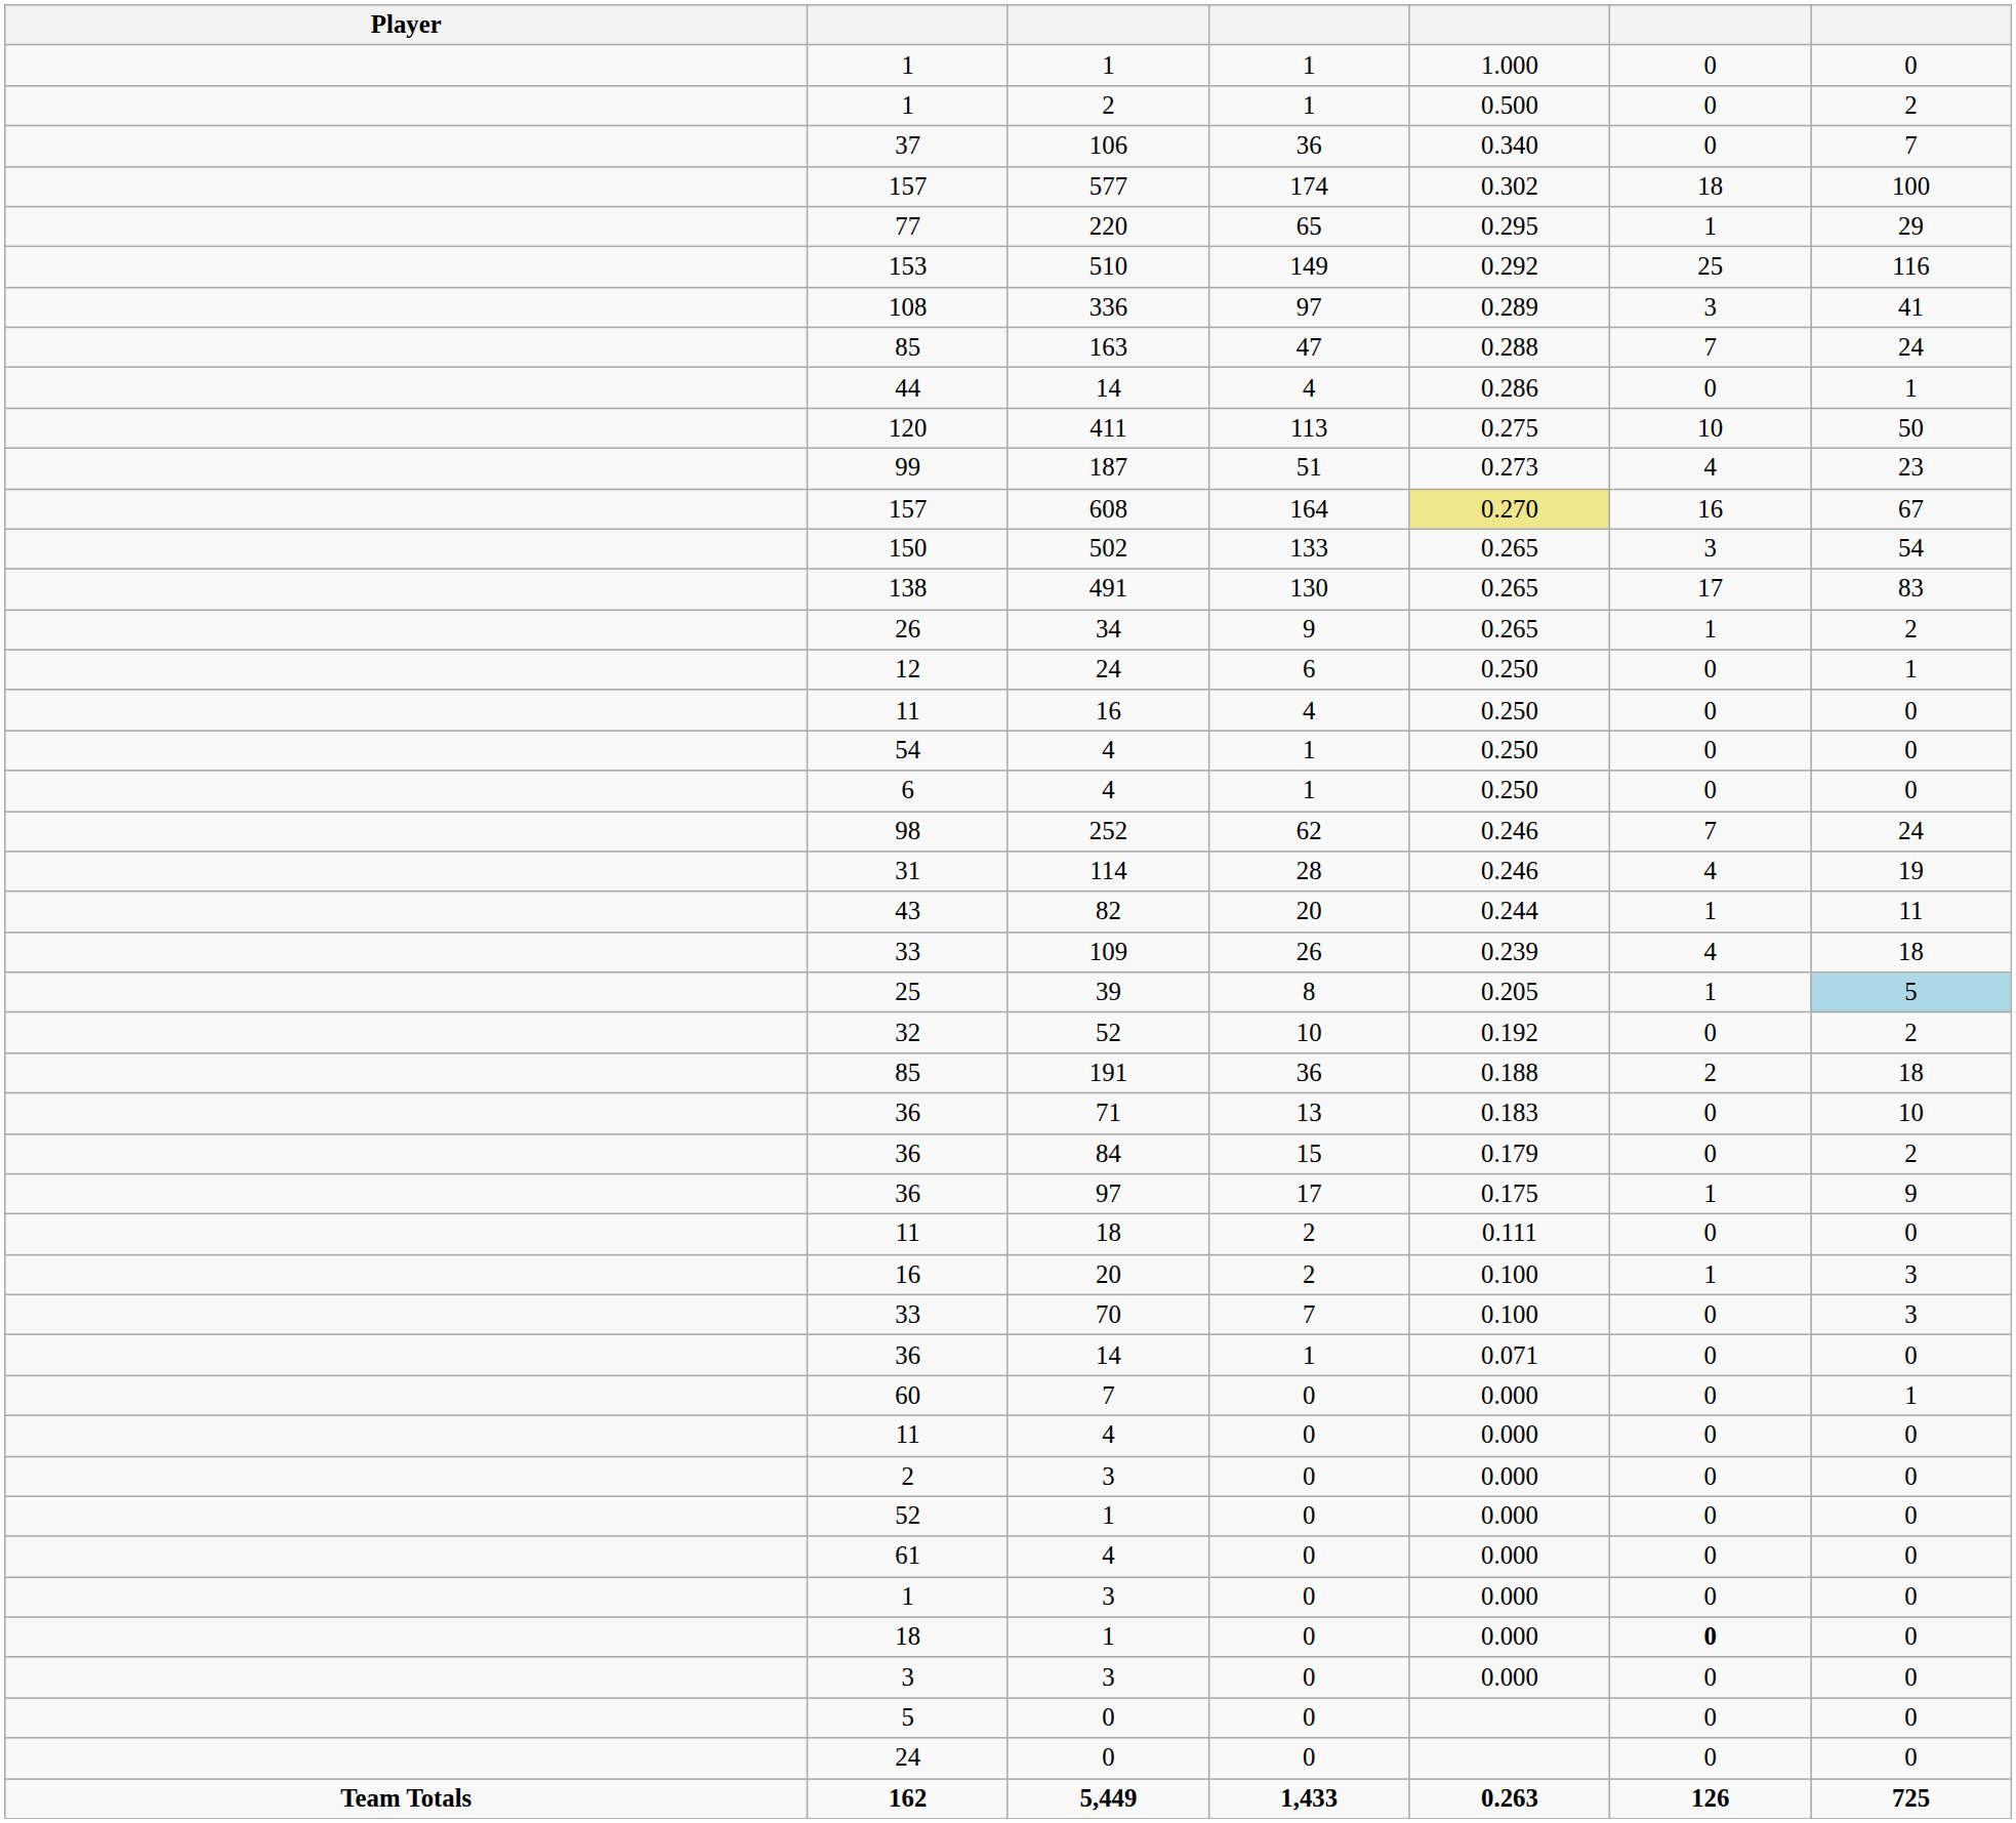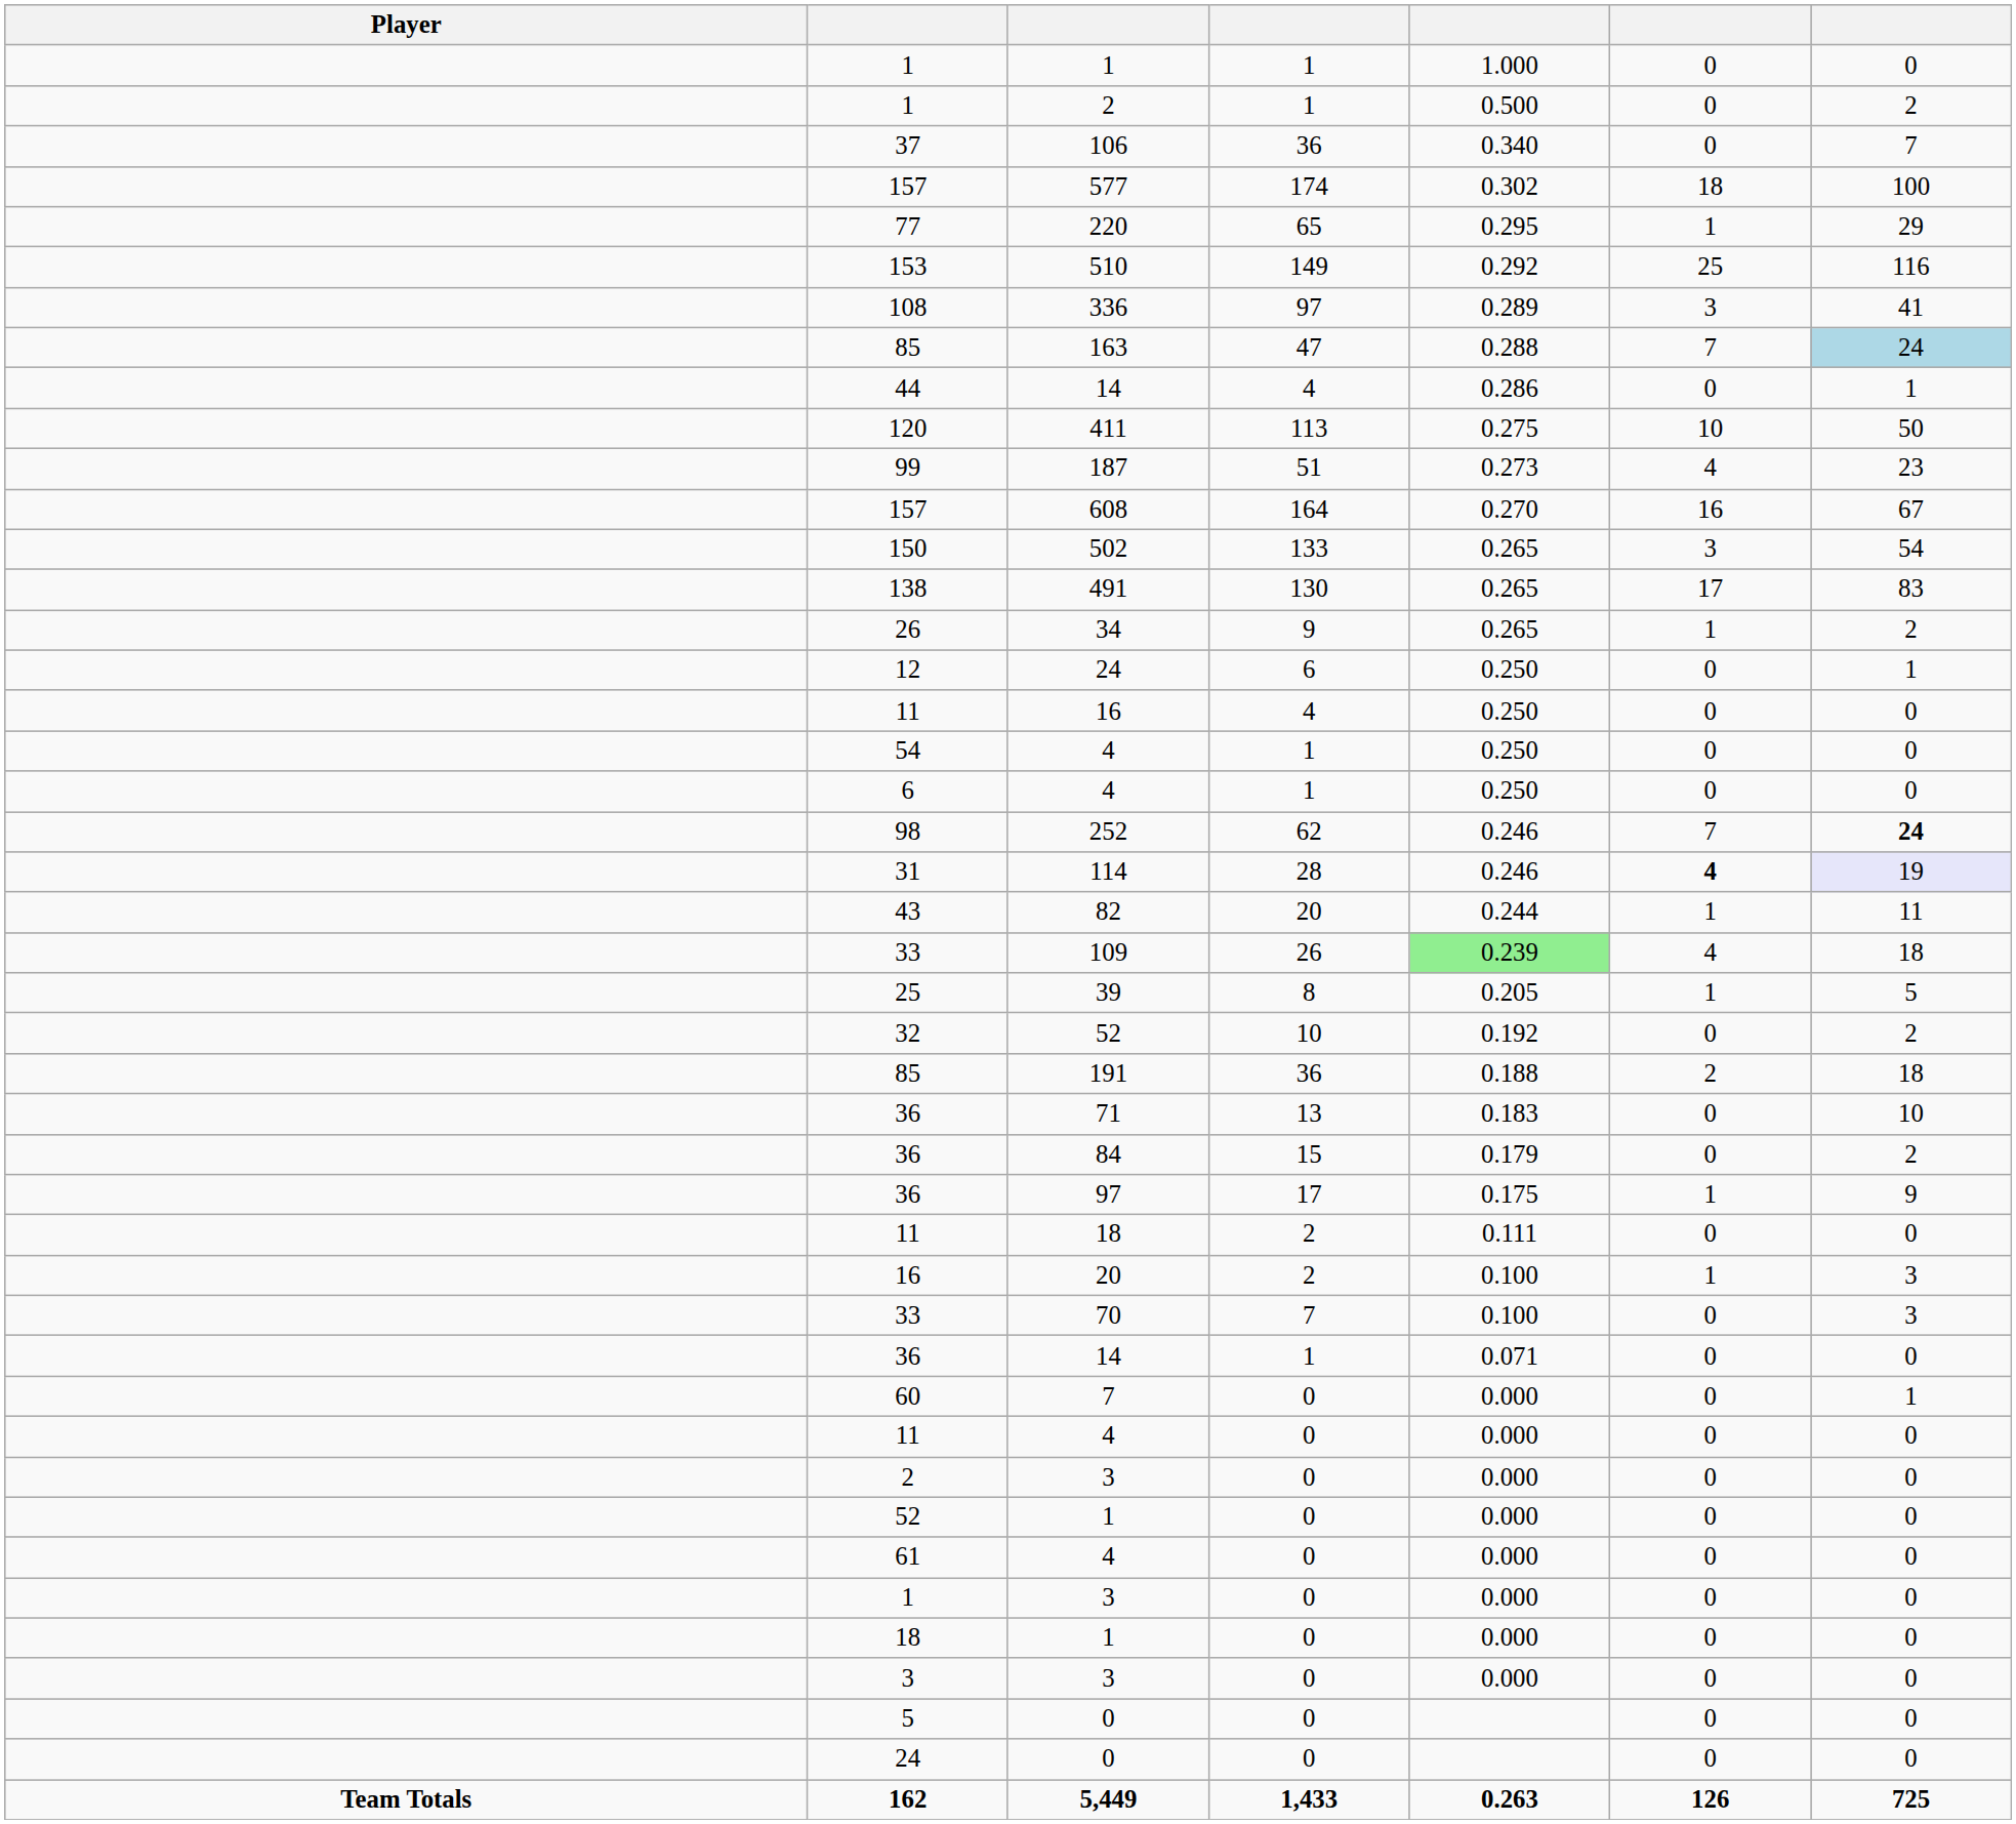 <table class="wikitable sortable"  style="text-align:center; width:100%;">
 <tr>
 <th style="width:40%;">Player</th>
 <th style="width:10%;"></th>
 <th style="width:10%;"></th>
 <th style="width:10%;"></th>
 <th style="width:10%;"></th>
 <th style="width:10%;"></th>
 <th style="width:10%;"></th>
 </tr>
 <tr>
 <td></td>
 <td>1</td>
 <td>1</td>
 <td>1</td>
 <td>1.000</td>
 <td>0</td>
 <td>0</td>
 </tr>
 <tr>
 <td></td>
 <td>1</td>
 <td>2</td>
 <td>1</td>
 <td>0.500</td>
 <td>0</td>
 <td>2</td>
 </tr>
 <tr>
 <td></td>
 <td>37</td>
 <td>106</td>
 <td>36</td>
 <td>0.340</td>
 <td>0</td>
 <td>7</td>
 </tr>
 <tr>
 <td></td>
 <td>157</td>
 <td>577</td>
 <td>174</td>
 <td>0.302</td>
 <td>18</td>
 <td>100</td>
 </tr>
 <tr>
 <td></td>
 <td>77</td>
 <td>220</td>
 <td>65</td>
 <td>0.295</td>
 <td>1</td>
 <td>29</td>
 </tr>
 <tr>
 <td></td>
 <td>153</td>
 <td>510</td>
 <td>149</td>
 <td>0.292</td>
 <td>25</td>
 <td>116</td>
 </tr>
 <tr>
 <td></td>
 <td>108</td>
 <td>336</td>
 <td>97</td>
 <td>0.289</td>
 <td>3</td>
 <td>41</td>
 </tr>
 <tr>
 <td></td>
 <td>85</td>
 <td>163</td>
 <td>47</td>
 <td>0.288</td>
 <td>7</td>
-<td>24</td>
+<td style="background: lightblue;">24</td>
 </tr>
 <tr>
 <td></td>
 <td>44</td>
 <td>14</td>
 <td>4</td>
 <td>0.286</td>
 <td>0</td>
 <td>1</td>
 </tr>
 <tr>
 <td></td>
 <td>120</td>
 <td>411</td>
 <td>113</td>
 <td>0.275</td>
 <td>10</td>
 <td>50</td>
 </tr>
 <tr>
 <td></td>
 <td>99</td>
 <td>187</td>
 <td>51</td>
 <td>0.273</td>
 <td>4</td>
 <td>23</td>
 </tr>
 <tr>
 <td></td>
 <td>157</td>
 <td>608</td>
 <td>164</td>
-<td style="background: khaki;">0.270</td>
+<td>0.270</td>
 <td>16</td>
 <td>67</td>
 </tr>
 <tr>
 <td></td>
 <td>150</td>
 <td>502</td>
 <td>133</td>
 <td>0.265</td>
 <td>3</td>
 <td>54</td>
 </tr>
 <tr>
 <td></td>
 <td>138</td>
 <td>491</td>
 <td>130</td>
 <td>0.265</td>
 <td>17</td>
 <td>83</td>
 </tr>
 <tr>
 <td></td>
 <td>26</td>
 <td>34</td>
 <td>9</td>
 <td>0.265</td>
 <td>1</td>
 <td>2</td>
 </tr>
 <tr>
 <td></td>
 <td>12</td>
 <td>24</td>
 <td>6</td>
 <td>0.250</td>
 <td>0</td>
 <td>1</td>
 </tr>
 <tr>
 <td></td>
 <td>11</td>
 <td>16</td>
 <td>4</td>
 <td>0.250</td>
 <td>0</td>
 <td>0</td>
 </tr>
 <tr>
 <td></td>
 <td>54</td>
 <td>4</td>
 <td>1</td>
 <td>0.250</td>
 <td>0</td>
 <td>0</td>
 </tr>
 <tr>
 <td></td>
 <td>6</td>
 <td>4</td>
 <td>1</td>
 <td>0.250</td>
 <td>0</td>
 <td>0</td>
 </tr>
 <tr>
 <td></td>
 <td>98</td>
 <td>252</td>
 <td>62</td>
 <td>0.246</td>
 <td>7</td>
-<td>24</td>
+<td><strong>24</strong></td>
 </tr>
 <tr>
 <td></td>
 <td>31</td>
 <td>114</td>
 <td>28</td>
 <td>0.246</td>
-<td>4</td>
-<td>19</td>
+<td><strong>4</strong></td>
+<td style="background: lavender;">19</td>
 </tr>
 <tr>
 <td></td>
 <td>43</td>
 <td>82</td>
 <td>20</td>
 <td>0.244</td>
 <td>1</td>
 <td>11</td>
 </tr>
 <tr>
 <td></td>
 <td>33</td>
 <td>109</td>
 <td>26</td>
-<td>0.239</td>
+<td style="background: lightgreen;">0.239</td>
 <td>4</td>
 <td>18</td>
 </tr>
 <tr>
 <td></td>
 <td>25</td>
 <td>39</td>
 <td>8</td>
 <td>0.205</td>
 <td>1</td>
-<td style="background: lightblue;">5</td>
+<td>5</td>
 </tr>
 <tr>
 <td></td>
 <td>32</td>
 <td>52</td>
 <td>10</td>
 <td>0.192</td>
 <td>0</td>
 <td>2</td>
 </tr>
 <tr>
 <td></td>
 <td>85</td>
 <td>191</td>
 <td>36</td>
 <td>0.188</td>
 <td>2</td>
 <td>18</td>
 </tr>
 <tr>
 <td></td>
 <td>36</td>
 <td>71</td>
 <td>13</td>
 <td>0.183</td>
 <td>0</td>
 <td>10</td>
 </tr>
 <tr>
 <td></td>
 <td>36</td>
 <td>84</td>
 <td>15</td>
 <td>0.179</td>
 <td>0</td>
 <td>2</td>
 </tr>
 <tr>
 <td></td>
 <td>36</td>
 <td>97</td>
 <td>17</td>
 <td>0.175</td>
 <td>1</td>
 <td>9</td>
 </tr>
 <tr>
 <td></td>
 <td>11</td>
 <td>18</td>
 <td>2</td>
 <td>0.111</td>
 <td>0</td>
 <td>0</td>
 </tr>
 <tr>
 <td></td>
 <td>16</td>
 <td>20</td>
 <td>2</td>
 <td>0.100</td>
 <td>1</td>
 <td>3</td>
 </tr>
 <tr>
 <td></td>
 <td>33</td>
 <td>70</td>
 <td>7</td>
 <td>0.100</td>
 <td>0</td>
 <td>3</td>
 </tr>
 <tr>
 <td></td>
 <td>36</td>
 <td>14</td>
 <td>1</td>
 <td>0.071</td>
 <td>0</td>
 <td>0</td>
 </tr>
 <tr>
 <td></td>
 <td>60</td>
 <td>7</td>
 <td>0</td>
 <td>0.000</td>
 <td>0</td>
 <td>1</td>
 </tr>
 <tr>
 <td></td>
 <td>11</td>
 <td>4</td>
 <td>0</td>
 <td>0.000</td>
 <td>0</td>
 <td>0</td>
 </tr>
 <tr>
 <td></td>
 <td>2</td>
 <td>3</td>
 <td>0</td>
 <td>0.000</td>
 <td>0</td>
 <td>0</td>
 </tr>
 <tr>
 <td></td>
 <td>52</td>
 <td>1</td>
 <td>0</td>
 <td>0.000</td>
 <td>0</td>
 <td>0</td>
 </tr>
 <tr>
 <td></td>
 <td>61</td>
 <td>4</td>
 <td>0</td>
 <td>0.000</td>
 <td>0</td>
 <td>0</td>
 </tr>
 <tr>
 <td></td>
 <td>1</td>
 <td>3</td>
 <td>0</td>
 <td>0.000</td>
 <td>0</td>
 <td>0</td>
 </tr>
 <tr>
 <td></td>
 <td>18</td>
 <td>1</td>
 <td>0</td>
 <td>0.000</td>
-<td><strong>0</strong></td>
+<td>0</td>
 <td>0</td>
 </tr>
 <tr>
 <td></td>
 <td>3</td>
 <td>3</td>
 <td>0</td>
 <td>0.000</td>
 <td>0</td>
 <td>0</td>
 </tr>
 <tr>
 <td></td>
 <td>5</td>
 <td>0</td>
 <td>0</td>
 <td></td>
 <td>0</td>
 <td>0</td>
 </tr>
 <tr>
 <td></td>
 <td>24</td>
 <td>0</td>
 <td>0</td>
 <td></td>
 <td>0</td>
 <td>0</td>
 </tr>
 <tr>
 <td><strong>Team Totals</strong></td>
 <td><strong>162</strong></td>
 <td><strong>5,449</strong></td>
 <td><strong>1,433</strong></td>
 <td><strong>0.263</strong></td>
 <td><strong>126</strong></td>
 <td><strong>725</strong></td>
 </tr>
 </table>
